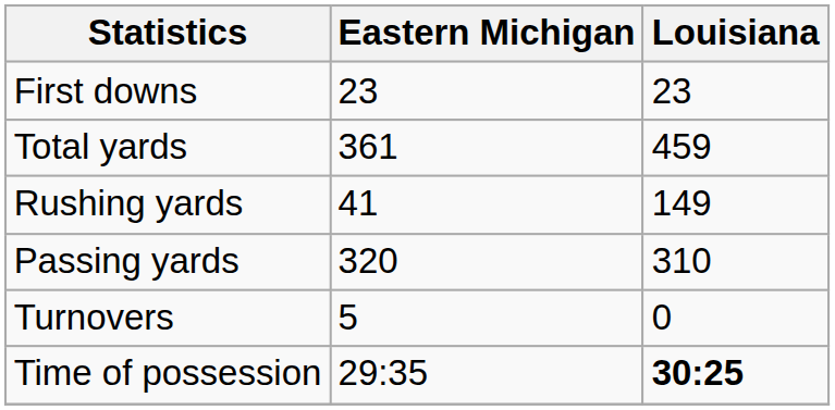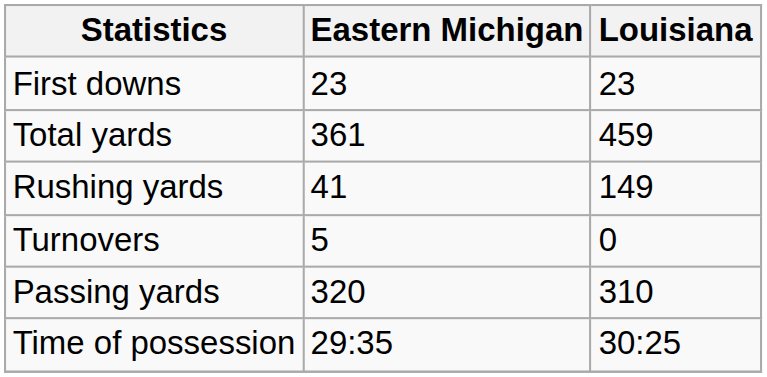 <table class="wikitable">
 <tr>
 <th>Statistics</th>
 <th>Eastern Michigan</th>
 <th>Louisiana</th>
 </tr>
 <tr>
 <td>First downs</td>
 <td>23</td>
 <td>23</td>
 </tr>
 <tr>
 <td>Total yards</td>
 <td>361</td>
 <td>459</td>
 </tr>
 <tr>
 <td>Rushing yards</td>
 <td>41</td>
 <td>149</td>
 </tr>
 <tr>
+<td>Turnovers</td>
+<td>5</td>
+<td>0</td>
+</tr>
+<tr>
 <td>Passing yards</td>
 <td>320</td>
 <td>310</td>
 </tr>
 <tr>
-<td>Turnovers</td>
-<td>5</td>
-<td>0</td>
-</tr>
-<tr>
 <td>Time of possession</td>
 <td>29:35</td>
-<td><strong>30:25</strong></td>
+<td>30:25</td>
 </tr>
 <tr>
 </tr>
 </table>
